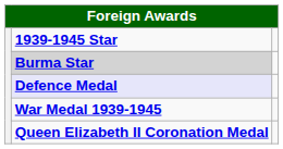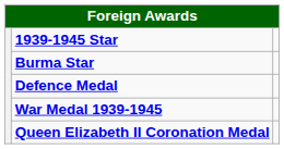 <table class="wikitable">
 <tr>
 <th colspan="3" style="background:#006400; color:#FFFFFF; text-align:center">Foreign Awards</th>
 </tr>
 <tr>
 <th rowspan="5"></th>
 <td><strong><a href='#'>1939-1945 Star</a></strong></td>
 <td></td>
 </tr>
 <tr>
-<td style="background: lightgrey;"><strong><a href='#'>Burma Star</a></strong></td>
+<td><strong><a href='#'>Burma Star</a></strong></td>
 <td></td>
 </tr>
 <tr>
-<td style="background: lavender;"><strong><a href='#'>Defence Medal</a></strong></td>
+<td><strong><a href='#'>Defence Medal</a></strong></td>
 <td></td>
 </tr>
 <tr>
 <td><strong><a href='#'>War Medal 1939-1945</a></strong></td>
 <td></td>
 </tr>
 <tr>
 <td><strong><a href='#'>Queen Elizabeth II Coronation Medal</a></strong></td>
 <td></td>
 </tr>
 </table>
